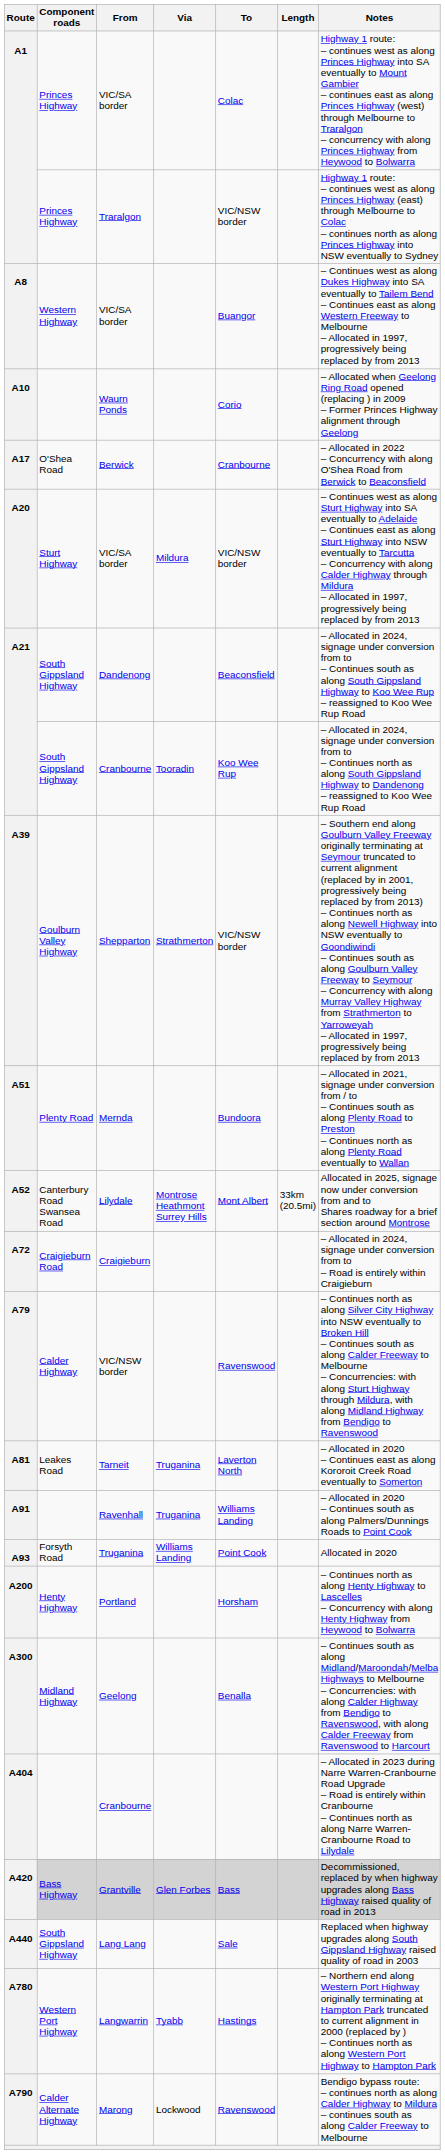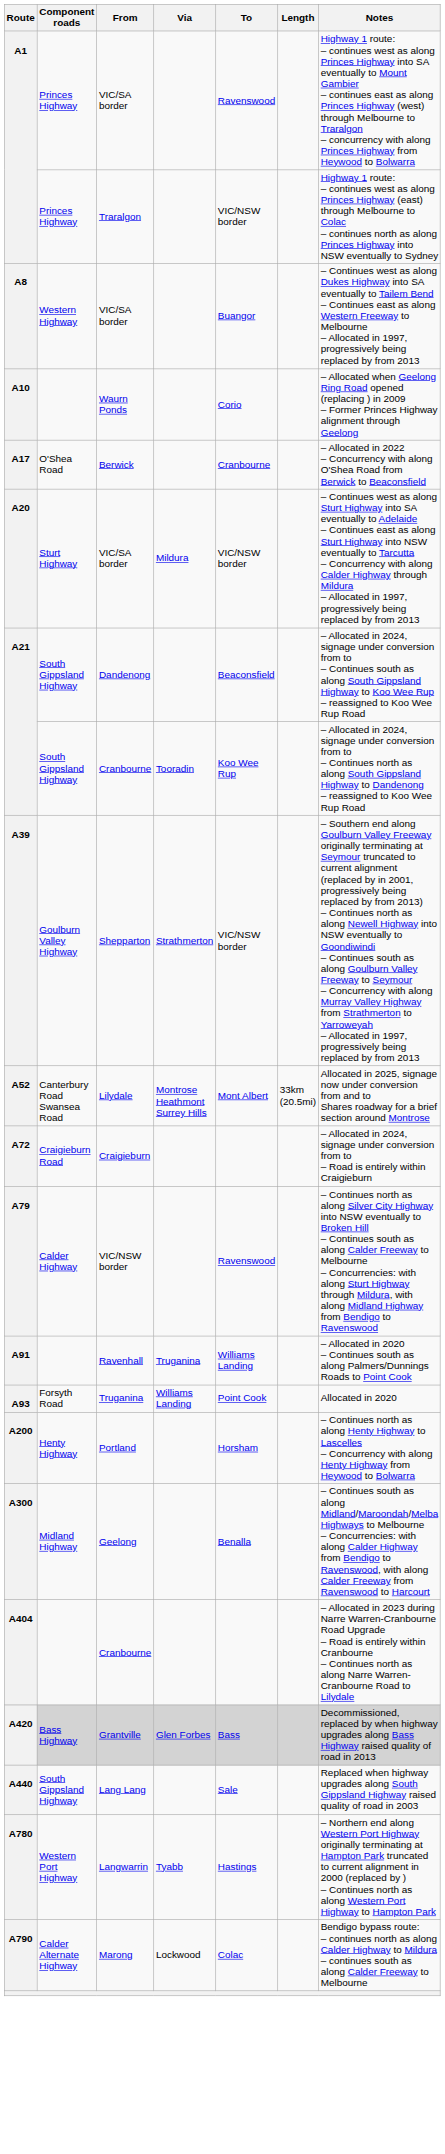 <table class="wikitable sortable">
 <tr>
 <th scope="col">Route</th>
 <th scope="col">Component roads</th>
 <th scope="col">From</th>
 <th scope="col">Via</th>
 <th scope="col">To</th>
 <th scope="col">Length</th>
 <th scope="col">Notes</th>
 </tr>
 <tr>
 <th rowspan="2" style="vertical-align:top; white-space:nowrap;"><br>A1</th>
 <td><a href='#'>Princes Highway</a> </td>
 <td>VIC/SA border</td>
 <td></td>
-<td><a href='#'>Colac</a></td>
+<td><a href='#'>Ravenswood</a></td>
 <td></td>
 <td> <a href='#'>Highway 1</a> route:<br>– continues west as  along <a href='#'>Princes Highway</a> into SA eventually to <a href='#'>Mount Gambier</a><br>– continues east as  along <a href='#'>Princes Highway</a> (west) through Melbourne to <a href='#'>Traralgon</a><br>– concurrency with  along <a href='#'>Princes Highway</a> from <a href='#'>Heywood</a> to <a href='#'>Bolwarra</a></td>
 </tr>
 <tr>
 <td><a href='#'>Princes Highway</a> </td>
 <td><a href='#'>Traralgon</a></td>
 <td></td>
 <td>VIC/NSW border</td>
 <td></td>
 <td> <a href='#'>Highway 1</a> route:<br>– continues west as  along <a href='#'>Princes Highway</a> (east) through Melbourne to <a href='#'>Colac</a><br>– continues north as  along <a href='#'>Princes Highway</a> into NSW eventually to Sydney</td>
 </tr>
 <tr>
 <th style="vertical-align:top; white-space:nowrap;"><br>A8</th>
 <td><a href='#'>Western Highway</a></td>
 <td>VIC/SA border</td>
 <td></td>
 <td><a href='#'>Buangor</a></td>
 <td></td>
 <td>– Continues west as  along <a href='#'>Dukes Highway</a> into SA eventually to <a href='#'>Tailem Bend</a><br>– Continues east as  along <a href='#'>Western Freeway</a> to Melbourne<br>– Allocated  in 1997, progressively being replaced by  from 2013</td>
 </tr>
 <tr>
 <th style="vertical-align:top; white-space:nowrap;"><br>A10</th>
 <td></td>
 <td><a href='#'>Waurn Ponds</a></td>
 <td></td>
 <td><a href='#'>Corio</a></td>
 <td></td>
 <td>– Allocated  when <a href='#'>Geelong Ring Road</a> opened (replacing ) in 2009<br>– Former  Princes Highway alignment through <a href='#'>Geelong</a></td>
 </tr>
 <tr>
 <th style="vertical-align:top; white-space:nowrap;"><br>A17</th>
 <td>O'Shea Road</td>
 <td><a href='#'>Berwick</a></td>
 <td></td>
 <td><a href='#'>Cranbourne</a></td>
 <td></td>
 <td>– Allocated in 2022<br>– Concurrency with  along O'Shea Road from <a href='#'>Berwick</a> to <a href='#'>Beaconsfield</a></td>
 </tr>
 <tr>
 <th style="vertical-align:top; white-space:nowrap;"><br>A20</th>
 <td><a href='#'>Sturt Highway</a></td>
 <td>VIC/SA border</td>
 <td><a href='#'>Mildura</a></td>
 <td>VIC/NSW border</td>
 <td></td>
 <td>– Continues west as  along <a href='#'>Sturt Highway</a> into SA eventually to <a href='#'>Adelaide</a><br>– Continues east as  along <a href='#'>Sturt Highway</a> into NSW eventually to <a href='#'>Tarcutta</a><br>– Concurrency with  along <a href='#'>Calder Highway</a> through <a href='#'>Mildura</a><br>– Allocated  in 1997, progressively being replaced by  from 2013</td>
 </tr>
 <tr>
 <th rowspan="2" style="vertical-align:top; white-space:nowrap;"><br>A21</th>
 <td><a href='#'>South Gippsland Highway</a></td>
 <td><a href='#'>Dandenong</a></td>
 <td></td>
 <td><a href='#'>Beaconsfield</a></td>
 <td></td>
 <td>– Allocated in 2024, signage under conversion from  to <br>– Continues south as  along <a href='#'>South Gippsland Highway</a> to <a href='#'>Koo Wee Rup</a><br>–  reassigned to Koo Wee Rup Road</td>
 </tr>
 <tr>
 <td><a href='#'>South Gippsland Highway</a></td>
 <td><a href='#'>Cranbourne</a></td>
 <td><a href='#'>Tooradin</a></td>
 <td><a href='#'>Koo Wee Rup</a></td>
 <td></td>
 <td>– Allocated in 2024, signage under conversion from  to <br>– Continues north as  along <a href='#'>South Gippsland Highway</a> to <a href='#'>Dandenong</a><br>–  reassigned to Koo Wee Rup Road</td>
 </tr>
 <tr>
 <th style="vertical-align:top; white-space:nowrap;"><br>A39</th>
 <td><a href='#'>Goulburn Valley Highway</a></td>
 <td><a href='#'>Shepparton</a></td>
 <td><a href='#'>Strathmerton</a></td>
 <td>VIC/NSW border</td>
 <td></td>
 <td>– Southern end along <a href='#'>Goulburn Valley Freeway</a> originally terminating at <a href='#'>Seymour</a> truncated to current alignment (replaced by  in 2001, progressively being replaced by  from 2013)<br>– Continues north as  along <a href='#'>Newell Highway</a> into NSW eventually to <a href='#'>Goondiwindi</a><br>– Continues south as  along <a href='#'>Goulburn Valley Freeway</a> to <a href='#'>Seymour</a><br>– Concurrency with  along <a href='#'>Murray Valley Highway</a> from <a href='#'>Strathmerton</a> to <a href='#'>Yarroweyah</a><br>– Allocated  in 1997, progressively being replaced by  from 2013</td>
 </tr>
 <tr>
-<th style="vertical-align:top; white-space:nowrap;"><br>A51</th>
-<td><a href='#'>Plenty Road</a></td>
-<td><a href='#'>Mernda</a></td>
-<td></td>
-<td><a href='#'>Bundoora</a></td>
-<td></td>
-<td>– Allocated in 2021, signage under conversion from / to <br>– Continues south as  along <a href='#'>Plenty Road</a> to <a href='#'>Preston</a><br>– Continues north as  along <a href='#'>Plenty Road</a> eventually to <a href='#'>Wallan</a></td>
-</tr>
-<tr>
 <th style="vertical-align:top; white-space:nowrap;"><br>A52</th>
 <td {{plainlist><br>Canterbury Road Swansea Road</td>
 <td><a href='#'>Lilydale</a></td>
 <td {{plainlist><br><a href='#'>Montrose</a> <a href='#'>Heathmont</a> <a href='#'>Surrey Hills</a></td>
 <td><a href='#'>Mont Albert</a></td>
 <td>33km<br>(20.5mi)</td>
 <td>Allocated in 2025, signage now under conversion from  and  to <br>Shares roadway for a brief section around <a href='#'>Montrose</a></td>
 </tr>
 <tr>
 <th style="vertical-align:top; white-space:nowrap;"><br>A72</th>
 <td><a href='#'>Craigieburn Road</a></td>
 <td><a href='#'>Craigieburn</a></td>
 <td></td>
 <td></td>
 <td></td>
 <td>– Allocated in 2024, signage under conversion from  to <br>– Road is entirely within Craigieburn</td>
 </tr>
 <tr>
 <th style="vertical-align:top; white-space:nowrap;"><br>A79</th>
 <td><a href='#'>Calder Highway</a></td>
 <td>VIC/NSW border</td>
 <td></td>
 <td><a href='#'>Ravenswood</a></td>
 <td></td>
 <td>– Continues north as  along <a href='#'>Silver City Highway</a> into NSW eventually to <a href='#'>Broken Hill</a><br>– Continues south as  along <a href='#'>Calder Freeway</a> to Melbourne<br>– Concurrencies: with  along <a href='#'>Sturt Highway</a> through <a href='#'>Mildura</a>, with  along <a href='#'>Midland Highway</a> from <a href='#'>Bendigo</a> to <a href='#'>Ravenswood</a></td>
-</tr>
-<tr>
-<th style="vertical-align:top; white-space:nowrap;"><br>A81</th>
-<td>Leakes Road</td>
-<td><a href='#'>Tarneit</a></td>
-<td><a href='#'>Truganina</a></td>
-<td><a href='#'>Laverton North</a></td>
-<td></td>
-<td>– Allocated in 2020<br>– Continues east as  along Kororoit Creek Road eventually to <a href='#'>Somerton</a></td>
 </tr>
 <tr>
 <th style="vertical-align:top; white-space:nowrap;"><br>A91</th>
 <td></td>
 <td><a href='#'>Ravenhall</a></td>
 <td><a href='#'>Truganina</a></td>
 <td><a href='#'>Williams Landing</a></td>
 <td></td>
 <td>– Allocated in 2020<br>– Continues south as  along Palmers/Dunnings Roads to <a href='#'>Point Cook</a></td>
 </tr>
 <tr>
 <th style="vertical-align:top; white-space:nowrap;"><br>A93</th>
 <td>Forsyth Road</td>
 <td><a href='#'>Truganina</a></td>
 <td><a href='#'>Williams Landing</a></td>
 <td><a href='#'>Point Cook</a></td>
 <td></td>
 <td>Allocated in 2020</td>
 </tr>
 <tr>
 <th style="vertical-align:top; white-space:nowrap;"><br>A200</th>
 <td><a href='#'>Henty Highway</a></td>
 <td><a href='#'>Portland</a></td>
 <td></td>
 <td><a href='#'>Horsham</a></td>
 <td></td>
 <td>– Continues north as  along <a href='#'>Henty Highway</a> to <a href='#'>Lascelles</a><br> – Concurrency with  along <a href='#'>Henty Highway</a> from <a href='#'>Heywood</a> to <a href='#'>Bolwarra</a></td>
 </tr>
 <tr>
 <th style="vertical-align:top; white-space:nowrap;"><br>A300</th>
 <td><a href='#'>Midland Highway</a></td>
 <td><a href='#'>Geelong</a></td>
 <td></td>
 <td><a href='#'>Benalla</a></td>
 <td></td>
 <td>– Continues south as  along <a href='#'>Midland</a>/<a href='#'>Maroondah</a>/<a href='#'>Melba Highways</a> to Melbourne<br>– Concurrencies: with  along <a href='#'>Calder Highway</a> from <a href='#'>Bendigo</a> to <a href='#'>Ravenswood</a>, with  along <a href='#'>Calder Freeway</a> from <a href='#'>Ravenswood</a> to <a href='#'>Harcourt</a></td>
 </tr>
 <tr>
 <th style="vertical-align:top; white-space:nowrap;"><br>A404</th>
 <td></td>
 <td><a href='#'>Cranbourne</a></td>
 <td></td>
 <td></td>
 <td></td>
 <td>– Allocated in 2023 during Narre Warren-Cranbourne Road Upgrade<br>– Road is entirely within Cranbourne<br>– Continues north as  along Narre Warren-Cranbourne Road to <a href='#'>Lilydale</a></td>
 </tr>
 <tr style="background:#d3d3d3;">
 <th style="vertical-align:top; white-space:nowrap;"><br>A420</th>
 <td><a href='#'>Bass Highway</a></td>
 <td><a href='#'>Grantville</a></td>
 <td><a href='#'>Glen Forbes</a></td>
 <td><a href='#'>Bass</a></td>
 <td></td>
 <td>Decommissioned, replaced by  when highway upgrades along <a href='#'>Bass Highway</a> raised quality of road in 2013</td>
 </tr>
 <tr>
 <th style="vertical-align:top; white-space:nowrap;"><br>A440</th>
 <td><a href='#'>South Gippsland Highway</a></td>
 <td><a href='#'>Lang Lang</a></td>
 <td></td>
 <td><a href='#'>Sale</a></td>
 <td></td>
 <td>Replaced  when highway upgrades along <a href='#'>South Gippsland Highway</a> raised quality of road in 2003</td>
 </tr>
 <tr>
 <th style="vertical-align:top; white-space:nowrap;"><br>A780</th>
 <td><a href='#'>Western Port Highway</a></td>
 <td><a href='#'>Langwarrin</a></td>
 <td><a href='#'>Tyabb</a></td>
 <td><a href='#'>Hastings</a></td>
 <td></td>
 <td>– Northern end along <a href='#'>Western Port Highway</a> originally terminating at <a href='#'>Hampton Park</a> truncated to current alignment in 2000 (replaced by )<br>– Continues north as  along <a href='#'>Western Port Highway</a> to <a href='#'>Hampton Park</a></td>
 </tr>
 <tr>
 <th style="vertical-align:top; white-space:nowrap;"><br>A790</th>
 <td><a href='#'>Calder Alternate Highway</a></td>
 <td><a href='#'>Marong</a></td>
 <td>Lockwood</td>
-<td><a href='#'>Ravenswood</a></td>
+<td><a href='#'>Colac</a></td>
 <td></td>
 <td>Bendigo bypass route:<br>– continues north as  along <a href='#'>Calder Highway</a> to <a href='#'>Mildura</a><br>– continues south as  along <a href='#'>Calder Freeway</a> to Melbourne</td>
 </tr>
 <tr>
 <td colspan="7" style="text-align:center; background:#f2f2f2;"></td>
 </tr>
 </table>
